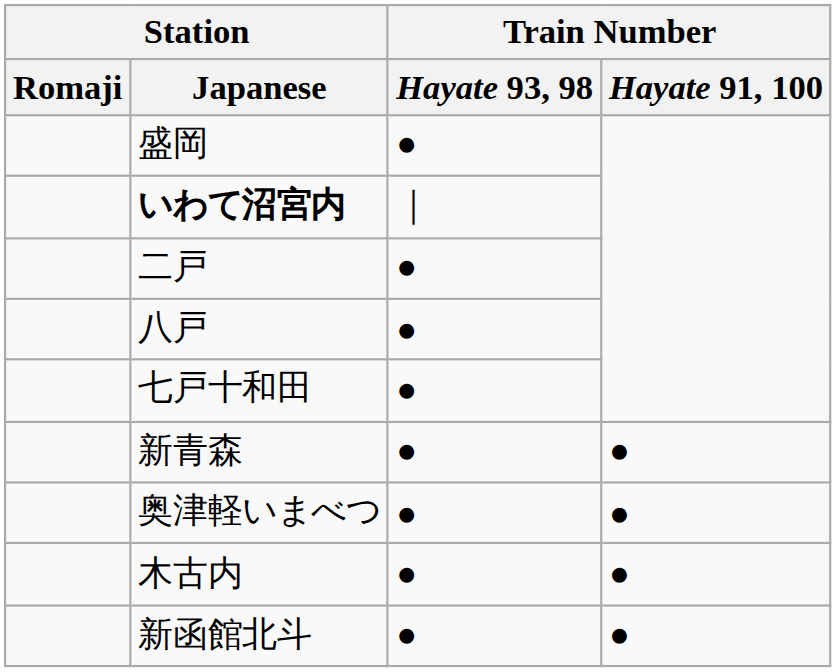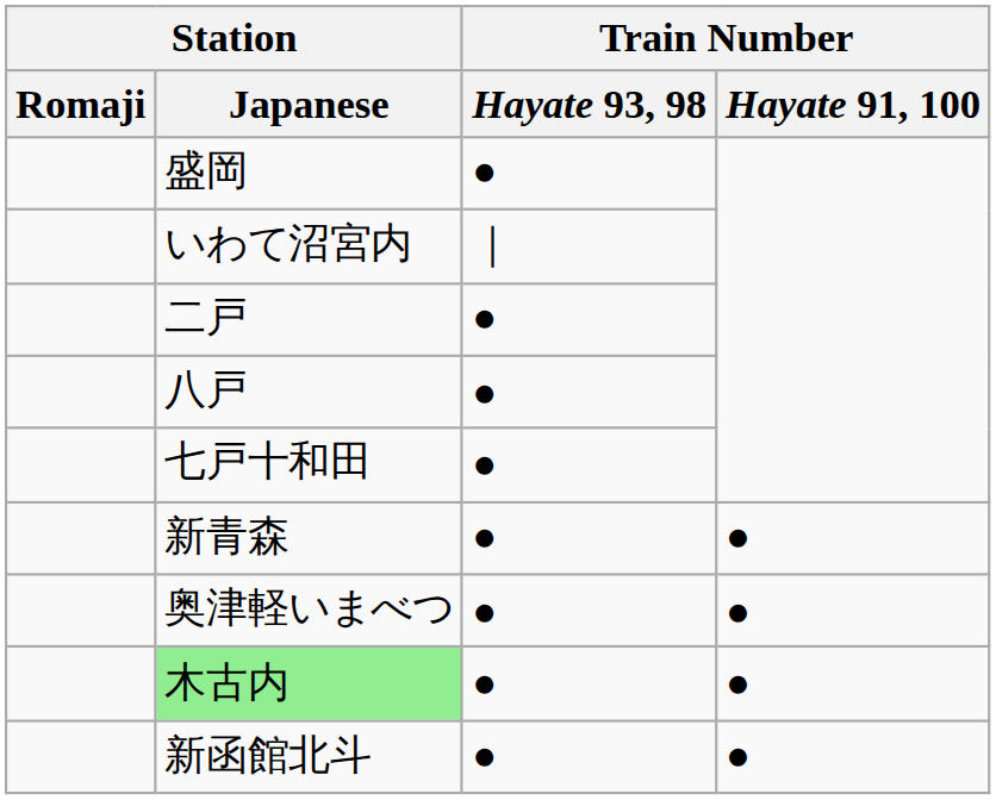 <table class="wikitable">
 <tr>
 <th colspan="2">Station</th>
 <th colspan="3">Train Number</th>
 </tr>
 <tr>
 <th>Romaji</th>
 <th>Japanese</th>
 <th><em>Hayate</em> 93, 98</th>
 <th><em>Hayate</em> 91, 100</th>
 </tr>
 <tr>
 <td></td>
 <td>盛岡</td>
 <td>●</td>
 <td rowspan="5"></td>
 </tr>
 <tr>
 <td></td>
-<td><strong>いわて沼宮内</strong></td>
+<td>いわて沼宮内</td>
 <td>｜</td>
 </tr>
 <tr>
 <td></td>
 <td>二戸</td>
 <td>●</td>
 </tr>
 <tr>
 <td></td>
 <td>八戸</td>
 <td>●</td>
 </tr>
 <tr>
 <td></td>
 <td>七戸十和田</td>
 <td>●</td>
 </tr>
 <tr>
 <td></td>
 <td>新青森</td>
 <td>●</td>
 <td>●</td>
 </tr>
 <tr>
 <td></td>
 <td>奥津軽いまべつ</td>
 <td>●</td>
 <td>●</td>
 </tr>
 <tr>
 <td></td>
-<td>木古内</td>
+<td style="background: lightgreen;">木古内</td>
 <td>●</td>
 <td>●</td>
 </tr>
 <tr>
 <td></td>
 <td>新函館北斗</td>
 <td>●</td>
 <td>●</td>
 </tr>
 </table>
